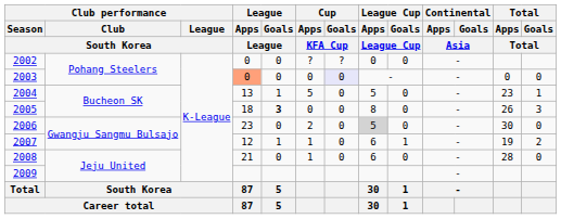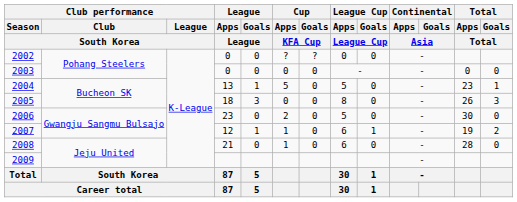 <table class="wikitable" style="text-align:center">
 <tr>
 <th colspan=3>Club performance</th>
 <th colspan=2>League</th>
 <th colspan=2>Cup</th>
 <th colspan=2>League Cup</th>
 <th colspan=2>Continental</th>
 <th colspan=2>Total</th>
 </tr>
 <tr>
 <th>Season</th>
 <th>Club</th>
 <th>League</th>
 <th>Apps</th>
 <th>Goals</th>
 <th>Apps</th>
 <th>Goals</th>
 <th>Apps</th>
 <th>Goals</th>
 <th>Apps</th>
 <th>Goals</th>
 <th>Apps</th>
 <th>Goals</th>
 </tr>
 <tr>
 <th colspan=3>South Korea</th>
 <th colspan=2>League</th>
 <th colspan=2><a href='#'>KFA Cup</a></th>
 <th colspan=2><a href='#'>League Cup</a></th>
 <th colspan=2><a href='#'>Asia</a></th>
 <th colspan=2>Total</th>
 </tr>
 <tr>
 <td><a href='#'>2002</a></td>
 <td rowspan="2"><a href='#'>Pohang Steelers</a></td>
 <td rowspan="8"><a href='#'>K-League</a></td>
 <td>0</td>
 <td>0</td>
 <td>?</td>
 <td>?</td>
 <td>0</td>
 <td>0</td>
 <td colspan="2">-</td>
 <td></td>
 <td></td>
 </tr>
 <tr>
 <td><a href='#'>2003</a></td>
-<td style="background: lightsalmon;">0</td>
 <td>0</td>
 <td>0</td>
-<td style="background: lavender;">0</td>
+<td>0</td>
+<td>0</td>
 <td colspan="2">-</td>
 <td colspan="2">-</td>
 <td>0</td>
 <td>0</td>
 </tr>
 <tr>
 <td><a href='#'>2004</a></td>
 <td rowspan="2"><a href='#'>Bucheon SK</a></td>
 <td>13</td>
 <td>1</td>
 <td>5</td>
 <td>0</td>
 <td>5</td>
 <td>0</td>
 <td colspan="2">-</td>
 <td>23</td>
 <td>1</td>
 </tr>
 <tr>
 <td><a href='#'>2005</a></td>
 <td>18</td>
-<td><strong>3</strong></td>
+<td>3</td>
 <td>0</td>
 <td>0</td>
 <td>8</td>
 <td>0</td>
 <td colspan="2">-</td>
 <td>26</td>
 <td>3</td>
 </tr>
 <tr>
 <td><a href='#'>2006</a></td>
 <td rowspan="2"><a href='#'>Gwangju Sangmu Bulsajo</a></td>
 <td>23</td>
 <td>0</td>
 <td>2</td>
 <td>0</td>
-<td style="background: lightgrey;">5</td>
+<td>5</td>
 <td>0</td>
 <td colspan="2">-</td>
 <td>30</td>
 <td>0</td>
 </tr>
 <tr>
 <td><a href='#'>2007</a></td>
 <td>12</td>
 <td>1</td>
 <td>1</td>
 <td>0</td>
 <td>6</td>
 <td>1</td>
 <td colspan="2">-</td>
 <td>19</td>
 <td>2</td>
 </tr>
 <tr>
 <td><a href='#'>2008</a></td>
 <td rowspan="2"><a href='#'>Jeju United</a></td>
 <td>21</td>
 <td>0</td>
 <td>1</td>
 <td>0</td>
 <td>6</td>
 <td>0</td>
 <td colspan="2">-</td>
 <td>28</td>
 <td>0</td>
 </tr>
 <tr>
 <td><a href='#'>2009</a></td>
 <td></td>
 <td></td>
 <td></td>
 <td></td>
 <td></td>
 <td></td>
 <td colspan="2">-</td>
 <td></td>
 <td></td>
 </tr>
 <tr>
 <th rowspan=1>Total</th>
 <th colspan=2>South Korea</th>
 <th>87</th>
 <th>5</th>
 <th></th>
 <th></th>
 <th>30</th>
 <th>1</th>
 <th colspan="2">-</th>
 <th></th>
 <th></th>
 </tr>
 <tr>
 <th colspan=3>Career total</th>
 <th>87</th>
 <th>5</th>
 <th></th>
 <th></th>
 <th>30</th>
 <th>1</th>
 <th></th>
 <th></th>
 <th></th>
 <th></th>
 </tr>
 </table>
